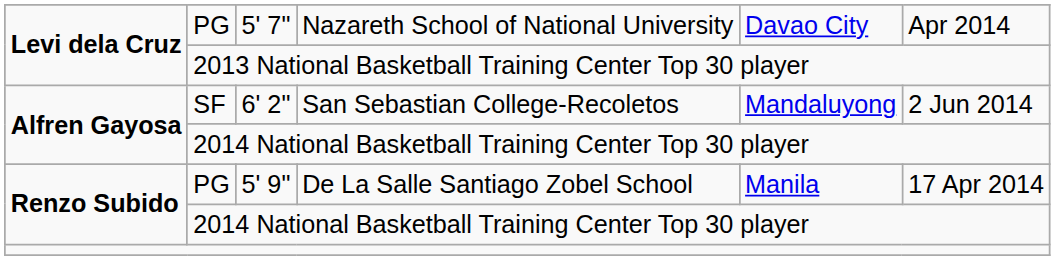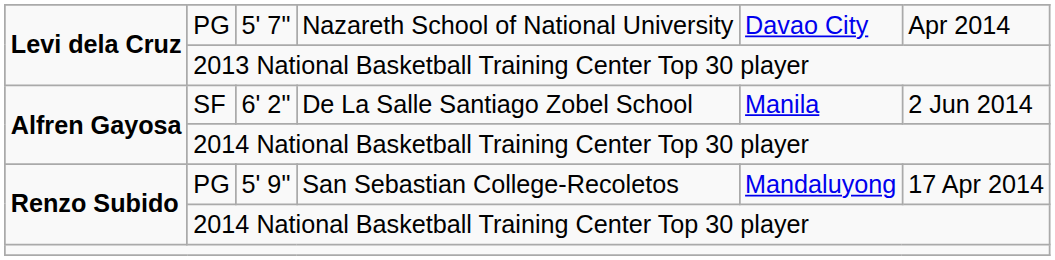 <table class=wikitable style="font-size:90%">
 <tr>
 <td rowspan=2><strong>Levi dela Cruz</strong></td>
 <td>PG</td>
 <td>5' 7"</td>
 <td>Nazareth School of National University</td>
 <td><a href='#'>Davao City</a></td>
 <td>Apr 2014</td>
 </tr>
 <tr>
 <td colspan=5>2013 National Basketball Training Center Top 30 player</td>
 </tr>
 <tr>
 <td rowspan=2><strong>Alfren Gayosa</strong></td>
 <td>SF</td>
 <td>6' 2"</td>
-<td>San Sebastian College-Recoletos</td>
-<td><a href='#'>Mandaluyong</a></td>
+<td>De La Salle Santiago Zobel School</td>
+<td><a href='#'>Manila</a></td>
 <td>2 Jun 2014</td>
 </tr>
 <tr>
 <td colspan=5>2014 National Basketball Training Center Top 30 player</td>
 </tr>
 <tr>
 <td rowspan=2><strong>Renzo Subido</strong></td>
 <td>PG</td>
 <td>5' 9"</td>
-<td>De La Salle Santiago Zobel School</td>
-<td><a href='#'>Manila</a></td>
+<td>San Sebastian College-Recoletos</td>
+<td><a href='#'>Mandaluyong</a></td>
 <td>17 Apr 2014</td>
 </tr>
 <tr>
 <td colspan=5>2014 National Basketball Training Center Top 30 player</td>
 </tr>
 <tr>
 <td colspan=6></td>
 </tr>
 </table>
